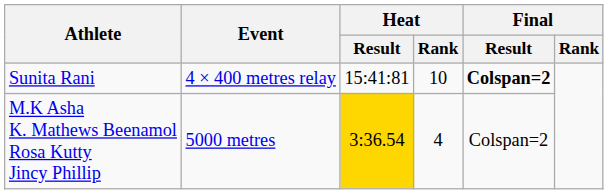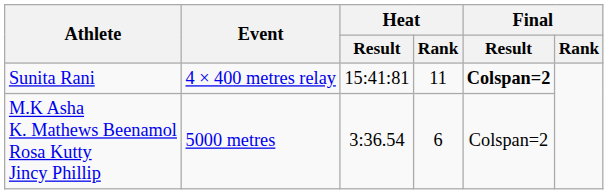 <table class="wikitable" style="font-size:90%">
 <tr>
 <th rowspan="2">Athlete</th>
 <th rowspan="2">Event</th>
 <th colspan="2">Heat</th>
 <th colspan="2">Final</th>
 </tr>
 <tr style="font-size:95%">
 <th>Result</th>
 <th>Rank</th>
 <th>Result</th>
 <th>Rank</th>
 </tr>
 <tr style="text-align:center">
 <td style="text-align:left"><a href='#'>Sunita Rani</a></td>
 <td style="text-align:left"><a href='#'>4 × 400 metres relay</a></td>
 <td>15:41:81</td>
-<td>10</td>
+<td>11</td>
 <td><strong>Colspan=2 </strong></td>
 </tr>
 <tr style="text-align:center">
 <td style="text-align:left"><a href='#'>M.K Asha</a><br><a href='#'>K. Mathews Beenamol</a><br><a href='#'>Rosa Kutty</a><br><a href='#'>Jincy Phillip</a></td>
 <td style="text-align:left"><a href='#'>5000 metres</a></td>
-<td style="background: gold;">3:36.54</td>
-<td>4</td>
+<td>3:36.54</td>
+<td>6</td>
 <td>Colspan=2 </td>
 </tr>
 </table>
